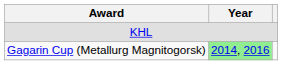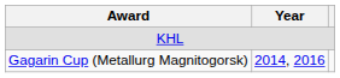 <table class="wikitable">
 <tr>
 <th>Award</th>
 <th>Year</th>
 <th></th>
 </tr>
 <tr ALIGN="center" bgcolor="#e0e0e0">
 <td colspan="3"><a href='#'>KHL</a></td>
 </tr>
 <tr>
 <td><a href='#'>Gagarin Cup</a> (Metallurg Magnitogorsk)</td>
-<td style="background: lightgreen;"><a href='#'>2014</a>, <a href='#'>2016</a></td>
+<td><a href='#'>2014</a>, <a href='#'>2016</a></td>
 <td></td>
 </tr>
 </table>
